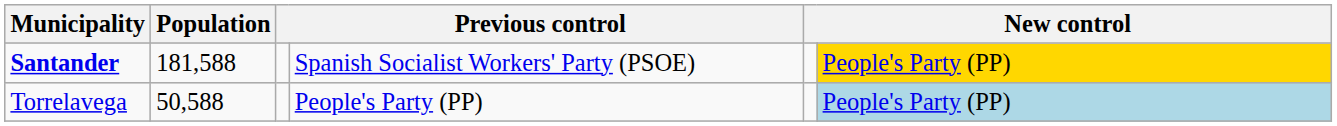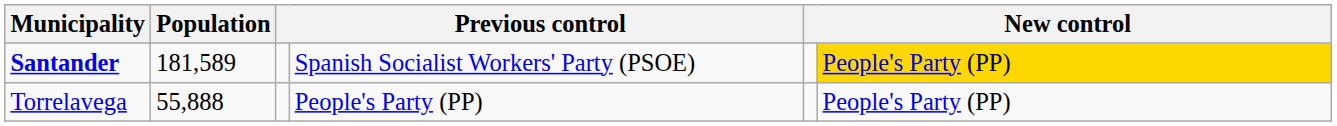 <table class="wikitable sortable">
 <tr>
 <th>Municipality</th>
 <th>Population</th>
 <th colspan="2" style="width:375px;">Previous control</th>
 <th colspan="2" style="width:375px;">New control</th>
 </tr>
 <tr>
 <td><strong><a href='#'>Santander</a></strong></td>
-<td>181,588</td>
+<td>181,589</td>
 <td width="1" style="color:inherit;background:"></td>
 <td><a href='#'>Spanish Socialist Workers' Party</a> (PSOE)</td>
 <td width="1" style="color:inherit;background:"></td>
 <td style="background: gold;"><a href='#'>People's Party</a> (PP)</td>
 </tr>
 <tr>
 <td><a href='#'>Torrelavega</a></td>
-<td>50,588</td>
+<td>55,888</td>
 <td style="color:inherit;background:"></td>
 <td><a href='#'>People's Party</a> (PP)</td>
 <td style="color:inherit;background:"></td>
-<td style="background: lightblue;"><a href='#'>People's Party</a> (PP) </td>
+<td><a href='#'>People's Party</a> (PP) </td>
 </tr>
 </table>
